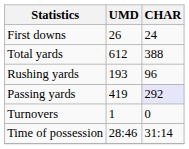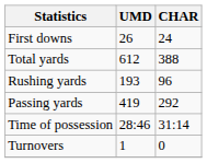 <table class="wikitable" style="float: right;">
 <tr>
 <th>Statistics</th>
 <th>UMD</th>
 <th>CHAR</th>
 </tr>
 <tr>
 <td>First downs</td>
 <td>26</td>
 <td>24</td>
 </tr>
 <tr>
 <td>Total yards</td>
 <td>612</td>
 <td>388</td>
 </tr>
 <tr>
 <td>Rushing yards</td>
 <td>193</td>
 <td>96</td>
 </tr>
 <tr>
 <td>Passing yards</td>
 <td>419</td>
-<td style="background: lavender;">292</td>
+<td>292</td>
+</tr>
+<tr>
+<td>Time of possession</td>
+<td>28:46</td>
+<td>31:14</td>
 </tr>
 <tr>
 <td>Turnovers</td>
 <td>1</td>
 <td>0</td>
 </tr>
 <tr>
-<td>Time of possession</td>
-<td>28:46</td>
-<td>31:14</td>
-</tr>
-<tr>
 </tr>
 </table>
